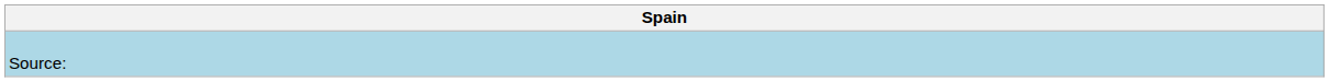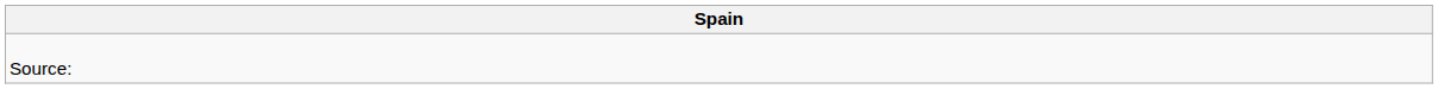 <table style="width:100%" class="wikitable collapsible collapsed">
 <tr>
 <th>Spain</th>
 </tr>
 <tr>
-<td style="background: lightblue;"><br>                Source: </td>
+<td><br>                Source: </td>
 </tr>
 </table>
